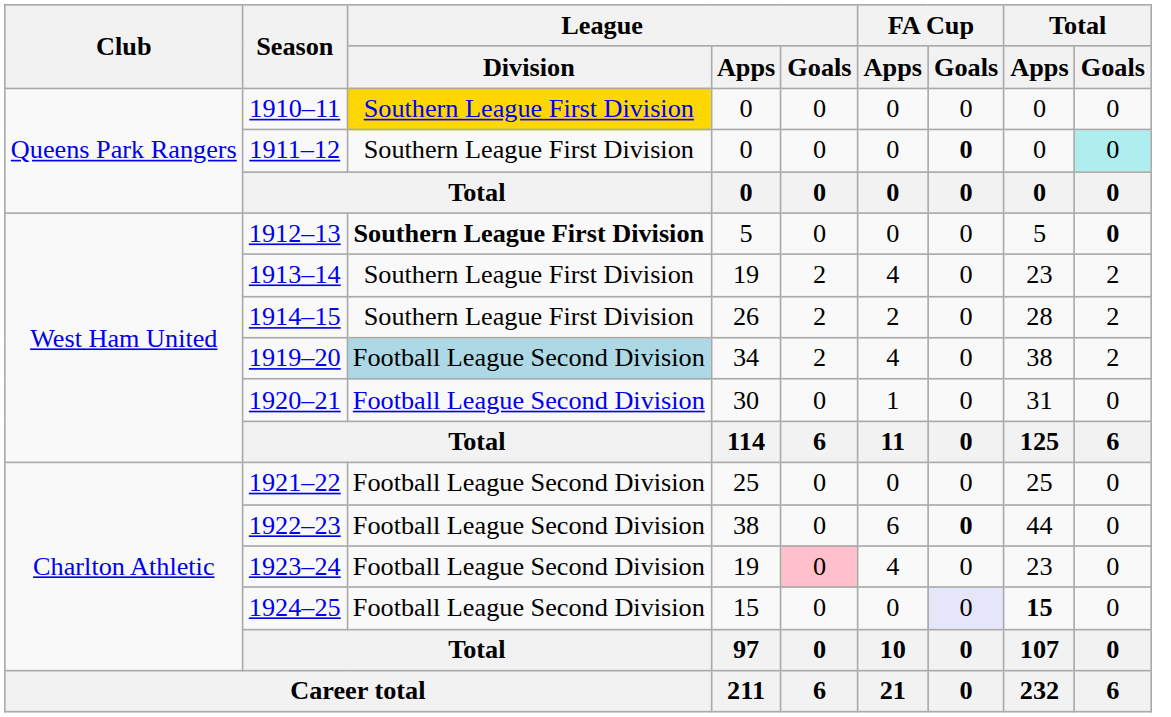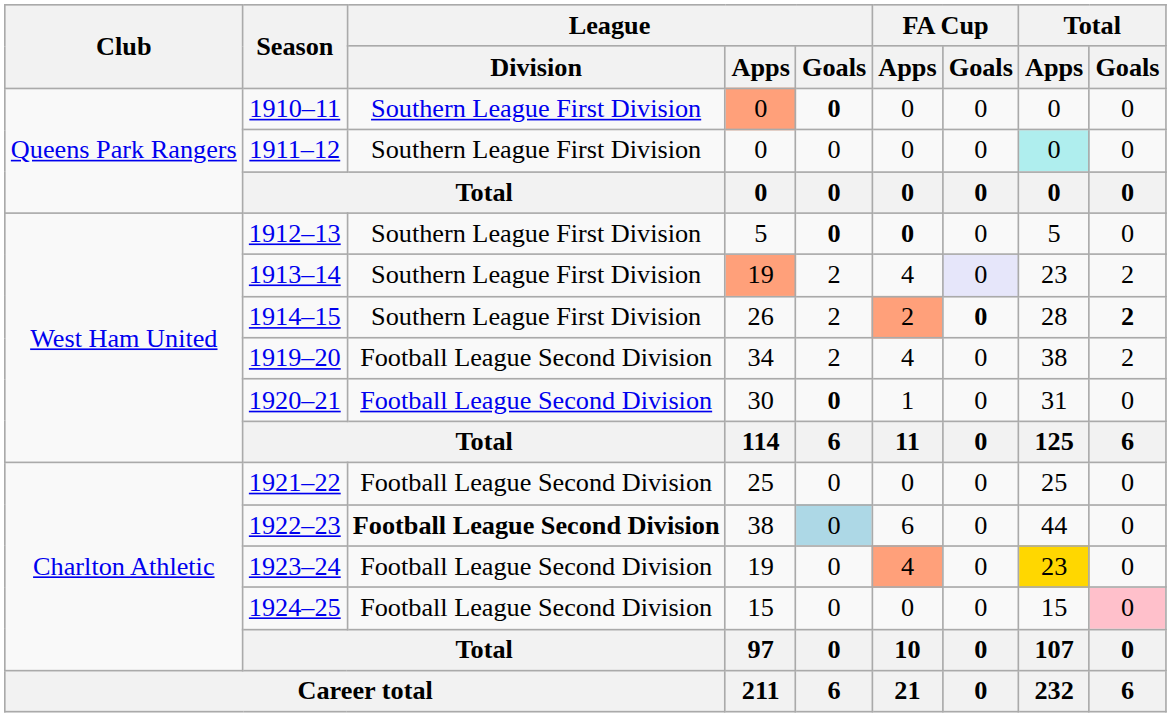 <table class="wikitable" style="text-align:center">
 <tr>
 <th rowspan="2">Club</th>
 <th rowspan="2">Season</th>
 <th colspan="3">League</th>
 <th colspan="2">FA Cup</th>
 <th colspan="2">Total</th>
 </tr>
 <tr>
 <th>Division</th>
 <th>Apps</th>
 <th>Goals</th>
 <th>Apps</th>
 <th>Goals</th>
 <th>Apps</th>
 <th>Goals</th>
 </tr>
 <tr>
 <td rowspan="3"><a href='#'>Queens Park Rangers</a></td>
 <td><a href='#'>1910–11</a></td>
-<td style="background: gold;"><a href='#'>Southern League First Division</a></td>
-<td>0</td>
-<td>0</td>
+<td><a href='#'>Southern League First Division</a></td>
+<td style="background: lightsalmon;">0</td>
+<td><strong>0</strong></td>
 <td>0</td>
 <td>0</td>
 <td>0</td>
 <td>0</td>
 </tr>
 <tr>
 <td><a href='#'>1911–12</a></td>
 <td>Southern League First Division</td>
 <td>0</td>
 <td>0</td>
 <td>0</td>
-<td><strong>0</strong></td>
 <td>0</td>
 <td style="background: paleturquoise;">0</td>
+<td>0</td>
 </tr>
 <tr>
 <th colspan="2">Total</th>
 <th>0</th>
 <th>0</th>
 <th>0</th>
 <th>0</th>
 <th>0</th>
 <th>0</th>
 </tr>
 <tr>
 <td rowspan="6"><a href='#'>West Ham United</a></td>
 <td><a href='#'>1912–13</a></td>
-<td><strong>Southern League First Division</strong></td>
+<td>Southern League First Division</td>
+<td>5</td>
+<td><strong>0</strong></td>
+<td><strong>0</strong></td>
+<td>0</td>
 <td>5</td>
 <td>0</td>
-<td>0</td>
-<td>0</td>
-<td>5</td>
-<td><strong>0</strong></td>
 </tr>
 <tr>
 <td><a href='#'>1913–14</a></td>
 <td>Southern League First Division</td>
-<td>19</td>
+<td style="background: lightsalmon;">19</td>
 <td>2</td>
 <td>4</td>
-<td>0</td>
+<td style="background: lavender;">0</td>
 <td>23</td>
 <td>2</td>
 </tr>
 <tr>
 <td><a href='#'>1914–15</a></td>
 <td>Southern League First Division</td>
 <td>26</td>
 <td>2</td>
-<td>2</td>
-<td>0</td>
+<td style="background: lightsalmon;">2</td>
+<td><strong>0</strong></td>
 <td>28</td>
-<td>2</td>
+<td><strong>2</strong></td>
 </tr>
 <tr>
 <td><a href='#'>1919–20</a></td>
-<td style="background: lightblue;">Football League Second Division</td>
+<td>Football League Second Division</td>
 <td>34</td>
 <td>2</td>
 <td>4</td>
 <td>0</td>
 <td>38</td>
 <td>2</td>
 </tr>
 <tr>
 <td><a href='#'>1920–21</a></td>
 <td><a href='#'>Football League Second Division</a></td>
 <td>30</td>
-<td>0</td>
+<td><strong>0</strong></td>
 <td>1</td>
 <td>0</td>
 <td>31</td>
 <td>0</td>
 </tr>
 <tr>
 <th colspan="2">Total</th>
 <th>114</th>
 <th>6</th>
 <th>11</th>
 <th>0</th>
 <th>125</th>
 <th>6</th>
 </tr>
 <tr>
 <td rowspan="5"><a href='#'>Charlton Athletic</a></td>
 <td><a href='#'>1921–22</a></td>
 <td>Football League Second Division</td>
 <td>25</td>
 <td>0</td>
 <td>0</td>
 <td>0</td>
 <td>25</td>
 <td>0</td>
 </tr>
 <tr>
 <td><a href='#'>1922–23</a></td>
-<td>Football League Second Division</td>
+<td><strong>Football League Second Division</strong></td>
 <td>38</td>
+<td style="background: lightblue;">0</td>
+<td>6</td>
 <td>0</td>
-<td>6</td>
-<td><strong>0</strong></td>
 <td>44</td>
 <td>0</td>
 </tr>
 <tr>
 <td><a href='#'>1923–24</a></td>
 <td>Football League Second Division</td>
 <td>19</td>
-<td style="background: pink;">0</td>
-<td>4</td>
 <td>0</td>
-<td>23</td>
+<td style="background: lightsalmon;">4</td>
+<td>0</td>
+<td style="background: gold;">23</td>
 <td>0</td>
 </tr>
 <tr>
 <td><a href='#'>1924–25</a></td>
 <td>Football League Second Division</td>
 <td>15</td>
 <td>0</td>
 <td>0</td>
-<td style="background: lavender;">0</td>
-<td><strong>15</strong></td>
 <td>0</td>
+<td>15</td>
+<td style="background: pink;">0</td>
 </tr>
 <tr>
 <th colspan="2">Total</th>
 <th>97</th>
 <th>0</th>
 <th>10</th>
 <th>0</th>
 <th>107</th>
 <th>0</th>
 </tr>
 <tr>
 <th colspan="3">Career total</th>
 <th>211</th>
 <th>6</th>
 <th>21</th>
 <th>0</th>
 <th>232</th>
 <th>6</th>
 </tr>
 </table>
